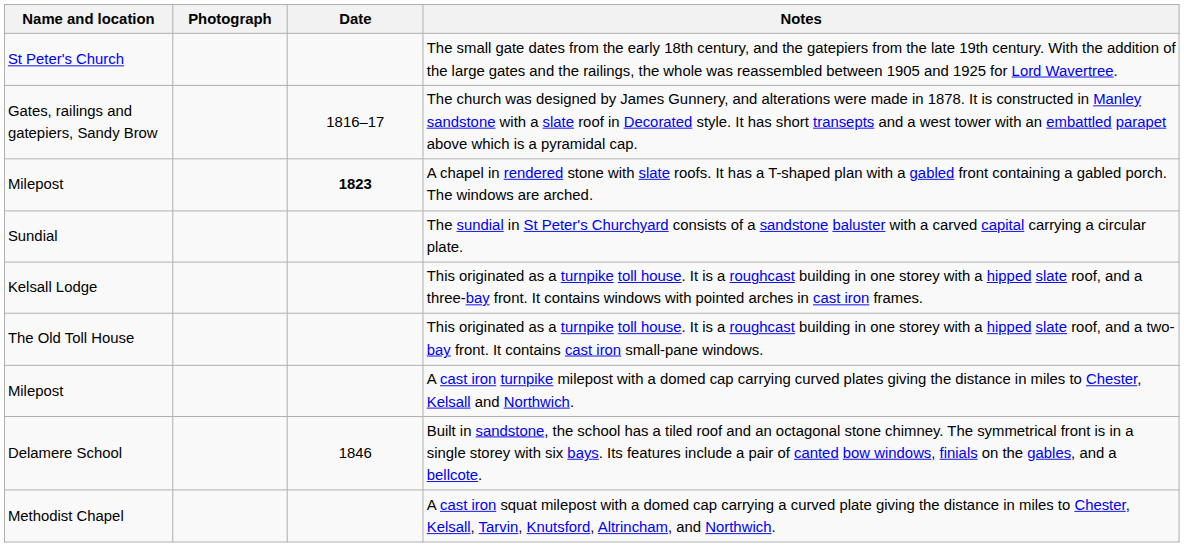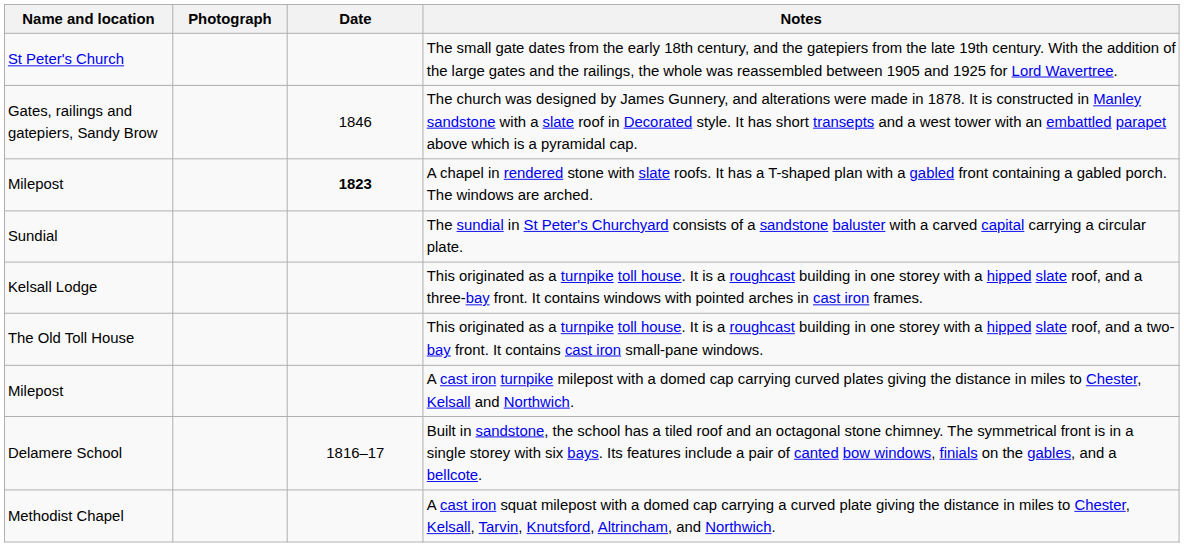 <table class="wikitable sortable plainrowheaders" style="width:100%;border:0px;text-align:left;line-height:150%;">
 <tr>
 <th scope="col" style="width:150px">Name and location</th>
 <th scope="col" style="width:100px" class="unsortable">Photograph</th>
 <th scope="col" style="width:120px">Date</th>
 <th scope="col" style="width:700px" class="unsortable">Notes</th>
 </tr>
 <tr>
 <td><a href='#'>St Peter's Church</a><br><small></small></td>
 <td></td>
 <td align="center"></td>
 <td>The small gate dates from the early 18th century, and the gatepiers from the late 19th century. With the addition of the large gates and the railings, the whole was reassembled between 1905 and 1925 for <a href='#'>Lord Wavertree</a>.</td>
 </tr>
 <tr>
 <td>Gates, railings and gatepiers, Sandy Brow<br><small></small></td>
 <td></td>
-<td align="center">1816–17</td>
+<td align="center">1846</td>
 <td>The church was designed by James Gunnery, and alterations were made in 1878. It is constructed in <a href='#'>Manley</a> <a href='#'>sandstone</a> with a <a href='#'>slate</a> roof in <a href='#'>Decorated</a> style. It has short <a href='#'>transepts</a> and a west tower with an <a href='#'>embattled</a> <a href='#'>parapet</a> above which is a pyramidal cap.</td>
 </tr>
 <tr>
 <td>Milepost<br><small></small></td>
 <td></td>
 <td align="center"><strong>1823</strong></td>
 <td>A chapel in <a href='#'>rendered</a> stone with <a href='#'>slate</a> roofs. It has a T-shaped plan with a <a href='#'>gabled</a> front containing a gabled porch. The windows are arched.</td>
 </tr>
 <tr>
 <td>Sundial<br><small></small></td>
 <td></td>
 <td align="center"></td>
 <td>The <a href='#'>sundial</a> in <a href='#'>St Peter's Churchyard</a> consists of a <a href='#'>sandstone</a> <a href='#'>baluster</a> with a carved <a href='#'>capital</a> carrying a circular plate.</td>
 </tr>
 <tr>
 <td>Kelsall Lodge<br><small></small></td>
 <td></td>
 <td align="center"></td>
 <td>This originated as a <a href='#'>turnpike</a> <a href='#'>toll house</a>. It is a <a href='#'>roughcast</a> building in one storey with a <a href='#'>hipped</a> <a href='#'>slate</a> roof, and a three-<a href='#'>bay</a> front. It contains windows with pointed arches in <a href='#'>cast iron</a> frames.</td>
 </tr>
 <tr>
 <td>The Old Toll House<br><small></small></td>
 <td></td>
 <td align="center"></td>
 <td>This originated as a <a href='#'>turnpike</a> <a href='#'>toll house</a>. It is a <a href='#'>roughcast</a> building in one storey with a <a href='#'>hipped</a> <a href='#'>slate</a> roof, and a two-<a href='#'>bay</a> front. It contains <a href='#'>cast iron</a> small-pane windows.</td>
 </tr>
 <tr>
 <td>Milepost<br><small></small></td>
 <td></td>
 <td align="center"></td>
 <td>A <a href='#'>cast iron</a> <a href='#'>turnpike</a> milepost with a domed cap carrying curved plates giving the distance in miles to <a href='#'>Chester</a>, <a href='#'>Kelsall</a> and <a href='#'>Northwich</a>.</td>
 </tr>
 <tr>
 <td>Delamere School<br><small></small></td>
 <td></td>
-<td align="center">1846</td>
+<td align="center">1816–17</td>
 <td>Built in <a href='#'>sandstone</a>, the school has a tiled roof and an octagonal stone chimney. The symmetrical front is in a single storey with six <a href='#'>bays</a>. Its features include a pair of <a href='#'>canted</a> <a href='#'>bow windows</a>, <a href='#'>finials</a> on the <a href='#'>gables</a>, and a <a href='#'>bellcote</a>.</td>
 </tr>
 <tr>
 <td>Methodist Chapel<br><small></small></td>
 <td></td>
 <td align="center"></td>
 <td>A <a href='#'>cast iron</a> squat milepost with a domed cap carrying a curved plate giving the distance in miles to <a href='#'>Chester</a>, <a href='#'>Kelsall</a>, <a href='#'>Tarvin</a>, <a href='#'>Knutsford</a>, <a href='#'>Altrincham</a>, and <a href='#'>Northwich</a>.</td>
 </tr>
 <tr>
 </tr>
 </table>
